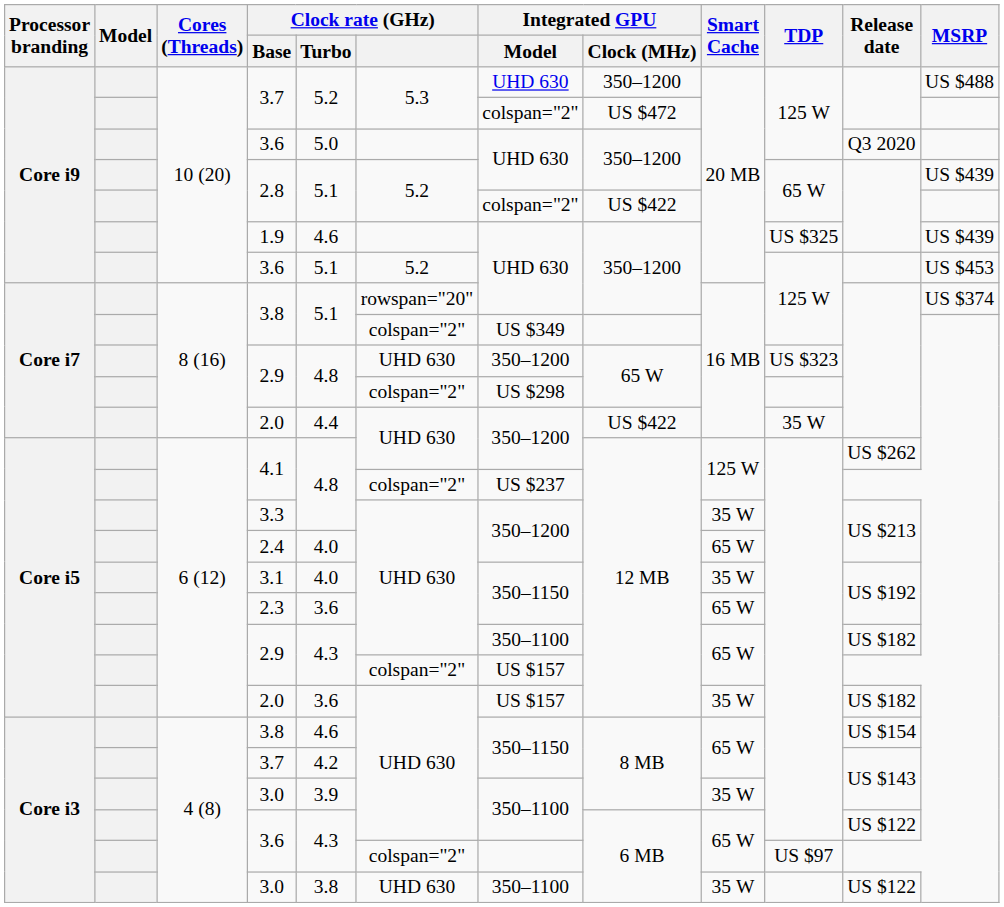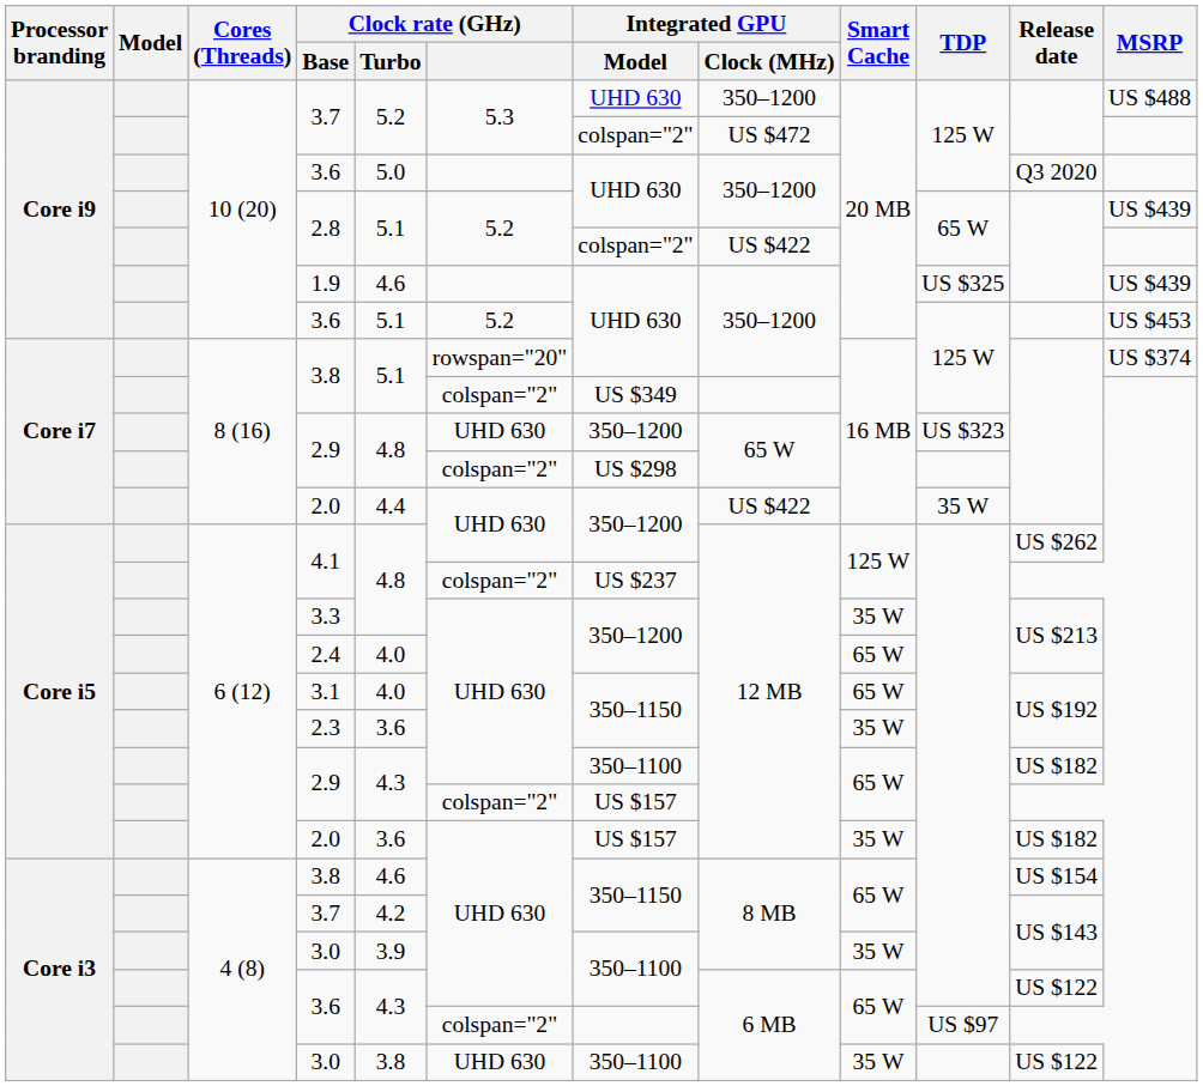 <table class="wikitable sortable nowrap" style="text-align: center;">
 <tr>
 <th class="unsortable" rowspan="2">Processor<br>branding</th>
 <th rowspan="2">Model</th>
 <th class="unsortable" rowspan="2"><a href='#'>Cores</a><br>(<a href='#'>Threads</a>)</th>
 <th colspan="3"><a href='#'>Clock rate</a> (GHz)</th>
 <th colspan="2">Integrated <a href='#'>GPU</a></th>
 <th class="unsortable" rowspan="2"><a href='#'>Smart<br>Cache</a></th>
 <th rowspan="2"><a href='#'>TDP</a></th>
 <th rowspan="2">Release<br>date</th>
 <th class="unsortable" rowspan="2"><a href='#'>MSRP</a></th>
 </tr>
 <tr>
 <th class="unsortable">Base</th>
 <th class="unsortable">Turbo</th>
 <th class="unsortable"></th>
 <th class="unsortable">Model</th>
 <th class="unsortable">Clock (MHz)</th>
 </tr>
 <tr>
 <th rowspan="7">Core i9</th>
 <th style="text-align:left;" data-sort-value="sku27"></th>
 <td rowspan="7">10 (20)</td>
 <td rowspan="2">3.7</td>
 <td rowspan="2">5.2</td>
 <td rowspan="2">5.3</td>
 <td><a href='#'>UHD 630</a></td>
 <td>350–1200</td>
 <td rowspan="7">20 MB</td>
 <td rowspan="3">125 W</td>
 <td rowspan="2"></td>
 <td>US $488</td>
 </tr>
 <tr>
 <th style="text-align:left;" data-sort-value="sku26"></th>
 <td>colspan="2" </td>
 <td>US $472</td>
 </tr>
 <tr>
 <th style="text-align:left;" data-sort-value="sku25"></th>
 <td>3.6</td>
 <td>5.0</td>
 <td></td>
 <td rowspan="2">UHD 630</td>
 <td rowspan="2">350–1200</td>
 <td>Q3 2020</td>
 <td></td>
 </tr>
 <tr>
 <th style="text-align:left;" data-sort-value="sku24"></th>
 <td rowspan="2">2.8</td>
 <td rowspan="2">5.1</td>
 <td rowspan="2">5.2</td>
 <td rowspan="2">65 W</td>
 <td rowspan="3"></td>
 <td>US $439</td>
 </tr>
 <tr>
 <th style="text-align:left;" data-sort-value="sku23"></th>
 <td>colspan="2" </td>
 <td>US $422</td>
 </tr>
 <tr>
 <th style="text-align:left;" data-sort-value="sku22"></th>
 <td>1.9</td>
 <td>4.6</td>
 <td></td>
 <td rowspan="3">UHD 630</td>
 <td rowspan="3">350–1200</td>
 <td>US $325</td>
 <td>US $439</td>
 </tr>
 <tr>
 <th style="text-align:left;" data-sort-value="sku21"></th>
 <td>3.6</td>
 <td>5.1</td>
 <td>5.2</td>
 <td rowspan="3">125 W</td>
 <td></td>
 <td>US $453</td>
 </tr>
 <tr>
 <th rowspan="5">Core i7</th>
 <th style="text-align:left;" data-sort-value="sku20"></th>
 <td rowspan="5">8 (16)</td>
 <td rowspan="2">3.8</td>
 <td rowspan="2">5.1</td>
 <td>rowspan="20" </td>
 <td rowspan="5">16 MB</td>
 <td rowspan="5"></td>
 <td>US $374</td>
 </tr>
 <tr>
 <th style="text-align:left;" data-sort-value="sku19"></th>
 <td>colspan="2" </td>
 <td>US $349</td>
 </tr>
 <tr>
 <th style="text-align:left;" data-sort-value="sku18"></th>
 <td rowspan="2">2.9</td>
 <td rowspan="2">4.8</td>
 <td>UHD 630</td>
 <td>350–1200</td>
 <td rowspan="2">65 W</td>
 <td>US $323</td>
 </tr>
 <tr>
 <th style="text-align:left;" data-sort-value="sku17"></th>
 <td>colspan="2" </td>
 <td>US $298</td>
 </tr>
 <tr>
 <th style="text-align:left;" data-sort-value="sku16"></th>
 <td>2.0</td>
 <td>4.4</td>
 <td rowspan="2">UHD 630</td>
 <td rowspan="2">350–1200</td>
 <td>US $422</td>
 <td>35 W</td>
 </tr>
 <tr>
 <th rowspan="9">Core i5</th>
 <th style="text-align:left;" data-sort-value="sku15"></th>
 <td rowspan="9">6 (12)</td>
 <td rowspan="2">4.1</td>
 <td rowspan="3">4.8</td>
 <td rowspan="9">12 MB</td>
 <td rowspan="2">125 W</td>
 <td rowspan="13"></td>
 <td>US $262</td>
 </tr>
 <tr>
 <th style="text-align:left;" data-sort-value="sku14"></th>
 <td>colspan="2" </td>
 <td>US $237</td>
 </tr>
 <tr>
 <th style="text-align:left;" data-sort-value="sku13"></th>
 <td>3.3</td>
 <td rowspan="5">UHD 630</td>
 <td rowspan="2">350–1200</td>
 <td>35 W</td>
 <td rowspan="2">US $213</td>
 </tr>
 <tr>
 <th style="text-align:left;" data-sort-value="sku12"></th>
 <td>2.4</td>
 <td>4.0</td>
 <td>65 W</td>
 </tr>
 <tr>
 <th style="text-align:left;" data-sort-value="sku11"></th>
 <td>3.1</td>
 <td>4.0</td>
 <td rowspan="2">350–1150</td>
-<td>35 W</td>
+<td>65 W</td>
 <td rowspan="2">US $192</td>
 </tr>
 <tr>
 <th style="text-align:left;" data-sort-value="sku10"></th>
 <td>2.3</td>
 <td>3.6</td>
-<td>65 W</td>
+<td>35 W</td>
 </tr>
 <tr>
 <th style="text-align:left;" data-sort-value="sku9"></th>
 <td rowspan="2">2.9</td>
 <td rowspan="2">4.3</td>
 <td>350–1100</td>
 <td rowspan="2">65 W</td>
 <td>US $182</td>
 </tr>
 <tr>
 <th style="text-align:left;" data-sort-value="sku8"></th>
 <td>colspan="2" </td>
 <td>US $157</td>
 </tr>
 <tr>
 <th style="text-align:left;" data-sort-value="sku7"></th>
 <td>2.0</td>
 <td>3.6</td>
 <td rowspan="5">UHD 630</td>
 <td>US $157</td>
 <td>35 W</td>
 <td>US $182</td>
 </tr>
 <tr>
 <th rowspan="6">Core i3</th>
 <th style="text-align:left;" data-sort-value="sku6"></th>
 <td rowspan="6">4 (8)</td>
 <td>3.8</td>
 <td>4.6</td>
 <td rowspan="2">350–1150</td>
 <td rowspan="3">8 MB</td>
 <td rowspan="2">65 W</td>
 <td>US $154</td>
 </tr>
 <tr>
 <th style="text-align:left;" data-sort-value="sku5"></th>
 <td>3.7</td>
 <td>4.2</td>
 <td rowspan="2">US $143</td>
 </tr>
 <tr>
 <th style="text-align:left;" data-sort-value="sku4"></th>
 <td>3.0</td>
 <td>3.9</td>
 <td rowspan="2">350–1100</td>
 <td>35 W</td>
 </tr>
 <tr>
 <th style="text-align:left;" data-sort-value="sku3"></th>
 <td rowspan="2">3.6</td>
 <td rowspan="2">4.3</td>
 <td rowspan="3">6 MB</td>
 <td rowspan="2">65 W</td>
 <td>US $122</td>
 </tr>
 <tr>
 <th style="text-align:left;" data-sort-value="sku2"></th>
 <td>colspan="2" </td>
 <td></td>
 <td>US $97</td>
 </tr>
 <tr>
 <th style="text-align:left;" data-sort-value="sku1"></th>
 <td>3.0</td>
 <td>3.8</td>
 <td>UHD 630</td>
 <td>350–1100</td>
 <td>35 W</td>
 <td></td>
 <td>US $122</td>
 </tr>
 </table>
